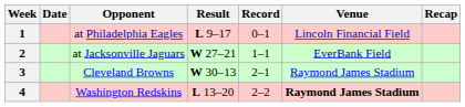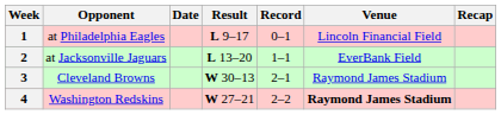 <table class="wikitable" style="text-align:center">
 <tr>
 <th>Week</th>
+<th>Opponent</th>
 <th>Date</th>
-<th>Opponent</th>
 <th>Result</th>
 <th>Record</th>
 <th>Venue</th>
 <th>Recap</th>
 </tr>
 <tr style="background:#fcc">
 <th>1</th>
+<td>at <a href='#'>Philadelphia Eagles</a></td>
 <td></td>
-<td>at <a href='#'>Philadelphia Eagles</a></td>
 <td><strong>L</strong> 9–17</td>
 <td>0–1</td>
 <td><a href='#'>Lincoln Financial Field</a></td>
 <td></td>
 </tr>
 <tr style="background:#cfc">
 <th>2</th>
+<td>at <a href='#'>Jacksonville Jaguars</a></td>
 <td></td>
-<td>at <a href='#'>Jacksonville Jaguars</a></td>
-<td><strong>W</strong> 27–21</td>
+<td><strong>L</strong> 13–20</td>
 <td>1–1</td>
 <td><a href='#'>EverBank Field</a></td>
 <td></td>
 </tr>
 <tr style="background:#cfc">
 <th>3</th>
+<td><a href='#'>Cleveland Browns</a></td>
 <td></td>
-<td><a href='#'>Cleveland Browns</a></td>
 <td><strong>W</strong> 30–13</td>
 <td>2–1</td>
 <td><a href='#'>Raymond James Stadium</a></td>
 <td></td>
 </tr>
 <tr style="background:#fcc">
 <th>4</th>
+<td><a href='#'>Washington Redskins</a></td>
 <td></td>
-<td><a href='#'>Washington Redskins</a></td>
-<td><strong>L</strong> 13–20</td>
+<td><strong>W</strong> 27–21</td>
 <td>2–2</td>
 <td><strong>Raymond James Stadium</strong></td>
 <td></td>
 </tr>
 </table>
